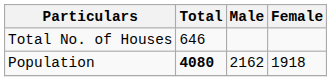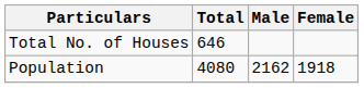 <table class="wikitable sortable">
 <tr>
 <th>Particulars</th>
 <th>Total</th>
 <th>Male</th>
 <th>Female</th>
 </tr>
 <tr>
 <td>Total No. of Houses</td>
 <td>646</td>
 <td></td>
 <td></td>
 </tr>
 <tr>
 <td>Population</td>
-<td><strong>4080</strong></td>
+<td>4080</td>
 <td>2162</td>
 <td>1918</td>
 </tr>
 <tr>
 </tr>
 </table>
